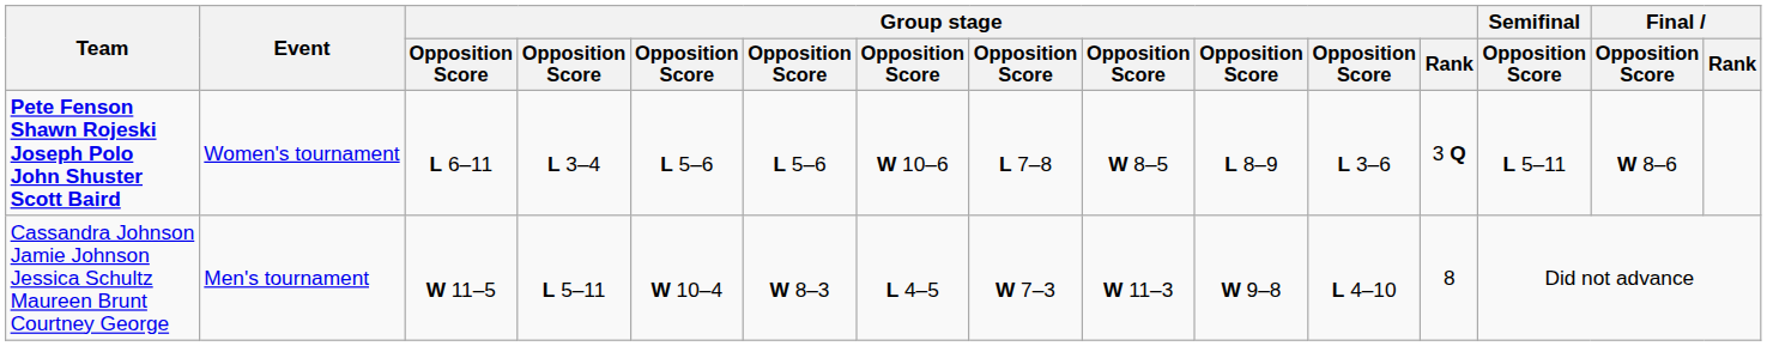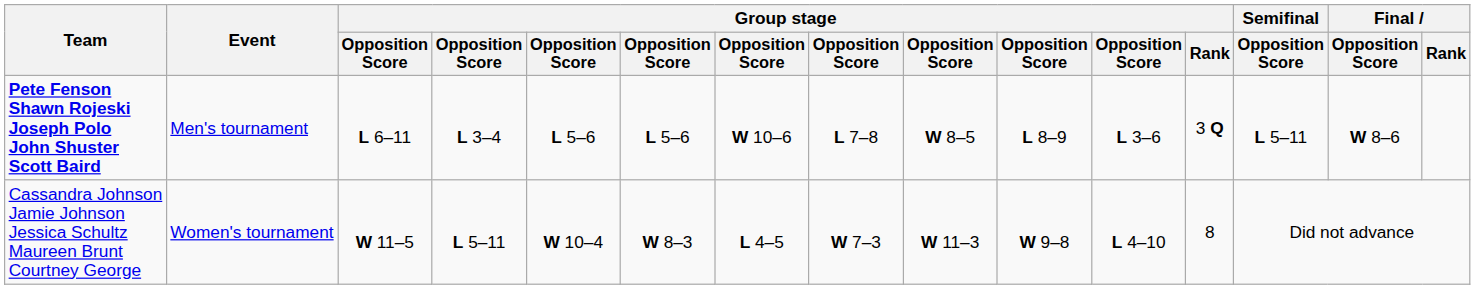 <table class=wikitable style=font-size:90%;text-align:center>
 <tr>
 <th rowspan=2>Team</th>
 <th rowspan=2>Event</th>
 <th colspan=10>Group stage</th>
 <th>Semifinal</th>
 <th colspan=2>Final / </th>
 </tr>
 <tr style=font-size:95%>
 <th>Opposition<br>Score</th>
 <th>Opposition<br>Score</th>
 <th>Opposition<br>Score</th>
 <th>Opposition<br>Score</th>
 <th>Opposition<br>Score</th>
 <th>Opposition<br>Score</th>
 <th>Opposition<br>Score</th>
 <th>Opposition<br>Score</th>
 <th>Opposition<br>Score</th>
 <th>Rank</th>
 <th>Opposition<br>Score</th>
 <th>Opposition<br>Score</th>
 <th>Rank</th>
 </tr>
 <tr>
 <td align=left><strong><a href='#'>Pete Fenson</a><br><a href='#'>Shawn Rojeski</a><br><a href='#'>Joseph Polo</a><br><a href='#'>John Shuster</a><br><a href='#'>Scott Baird</a></strong></td>
-<td align=left><a href='#'>Women's tournament</a></td>
+<td align=left><a href='#'>Men's tournament</a></td>
 <td><br><strong>L</strong> 6–11</td>
 <td><br><strong>L</strong> 3–4</td>
 <td><br><strong>L</strong> 5–6</td>
 <td><br><strong>L</strong> 5–6</td>
 <td><br><strong>W</strong> 10–6</td>
 <td><br><strong>L</strong> 7–8</td>
 <td><br><strong>W</strong> 8–5</td>
 <td><br><strong>L</strong> 8–9</td>
 <td><br><strong>L</strong> 3–6</td>
 <td>3 <strong>Q</strong></td>
 <td><br><strong>L</strong> 5–11</td>
 <td><br><strong>W</strong> 8–6</td>
 <td></td>
 </tr>
 <tr>
 <td align=left><a href='#'>Cassandra Johnson</a><br><a href='#'>Jamie Johnson</a><br><a href='#'>Jessica Schultz</a><br><a href='#'>Maureen Brunt</a><br><a href='#'>Courtney George</a></td>
-<td align=left><a href='#'>Men's tournament</a></td>
+<td align=left><a href='#'>Women's tournament</a></td>
 <td><br><strong>W</strong> 11–5</td>
 <td><br><strong>L</strong> 5–11</td>
 <td><br><strong>W</strong> 10–4</td>
 <td><br><strong>W</strong> 8–3</td>
 <td><br><strong>L</strong> 4–5</td>
 <td><br><strong>W</strong> 7–3</td>
 <td><br><strong>W</strong> 11–3</td>
 <td><br><strong>W</strong> 9–8</td>
 <td><br><strong>L</strong> 4–10</td>
 <td>8</td>
 <td colspan=3>Did not advance</td>
 </tr>
 </table>
